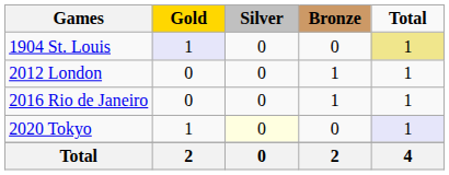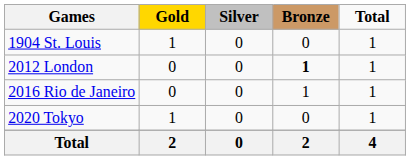 <table class="wikitable">
 <tr align="center">
 <th>Games</th>
 <td width="60" bgcolor="gold"><strong>Gold</strong></td>
 <td width="60" bgcolor="silver"><strong>Silver</strong></td>
 <td width="60" bgcolor="cc9966"><strong>Bronze</strong></td>
 <td width="60"><strong>Total</strong></td>
 </tr>
 <tr align="center">
 <td align="left"><a href='#'>1904 St. Louis</a></td>
-<td style="background: lavender;">1</td>
+<td>1</td>
 <td>0</td>
 <td>0</td>
-<td style="background: khaki;">1</td>
+<td>1</td>
 </tr>
 <tr align="center">
 <td align="left"><a href='#'>2012 London</a></td>
 <td>0</td>
 <td>0</td>
-<td>1</td>
+<td><strong>1</strong></td>
 <td>1</td>
 </tr>
 <tr align="center">
 <td align="left"><a href='#'>2016 Rio de Janeiro</a></td>
 <td>0</td>
 <td>0</td>
 <td>1</td>
 <td>1</td>
 </tr>
 <tr align="center">
 <td align="left"><a href='#'>2020 Tokyo</a></td>
 <td>1</td>
-<td style="background: lightyellow;">0</td>
 <td>0</td>
-<td style="background: lavender;">1</td>
+<td>0</td>
+<td>1</td>
 </tr>
 <tr align="center">
 </tr>
 <tr align="center">
 <th>Total</th>
 <th>2</th>
 <th>0</th>
 <th>2</th>
 <th>4</th>
 </tr>
 </table>
